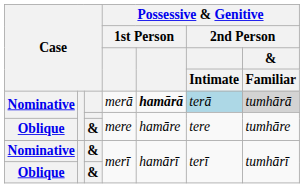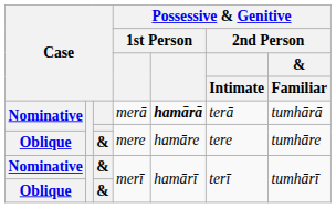 <table class="wikitable">
 <tr>
 <th colspan="3" rowspan="4">Case</th>
 <th colspan="4"><a href='#'>Possessive</a> & <a href='#'>Genitive</a></th>
 </tr>
 <tr>
 <th colspan="2">1st Person</th>
 <th colspan="2">2nd Person</th>
 </tr>
 <tr>
 <th rowspan="2"></th>
 <th rowspan="2"></th>
 <th></th>
 <th> & </th>
 </tr>
 <tr>
 <th>Intimate</th>
 <th>Familiar</th>
 </tr>
 <tr>
 <th rowspan="2"><a href='#'>Nominative</a></th>
 <th rowspan="3"></th>
 <th></th>
 <td><em>merā</em></td>
 <td><strong><em>hamārā</em></strong></td>
-<td style="background: lightblue;"><em>terā</em></td>
-<td style="background: lightgrey;"><em>tumhārā</em></td>
+<td><em>terā</em></td>
+<td><em>tumhārā</em></td>
 </tr>
 <tr>
 <th></th>
 <td rowspan="2"><em>mere</em></td>
 <td rowspan="2"><em>hamāre</em></td>
 <td rowspan="2"><em>tere</em></td>
 <td rowspan="2"><em>tumhāre</em></td>
 </tr>
 <tr>
 <th><a href='#'>Oblique</a></th>
 <th> & </th>
 </tr>
 <tr>
 <th><a href='#'>Nominative</a></th>
 <th rowspan="2"></th>
 <th> & </th>
 <td rowspan="2"><em>merī</em></td>
 <td rowspan="2"><em>hamārī</em></td>
 <td rowspan="2"><em>terī</em></td>
 <td rowspan="2"><em>tumhārī</em></td>
 </tr>
 <tr>
 <th><a href='#'>Oblique</a></th>
 <th> & </th>
 </tr>
 </table>
